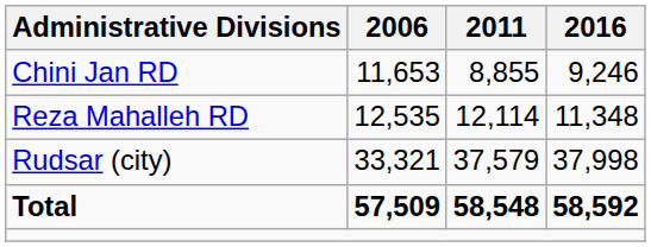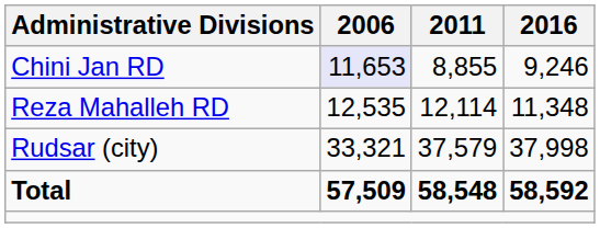 <table class="wikitable">
 <tr>
 <th>Administrative Divisions</th>
 <th>2006</th>
 <th>2011</th>
 <th>2016</th>
 </tr>
 <tr>
 <td><a href='#'>Chini Jan RD</a></td>
-<td style="text-align: right;">11,653</td>
+<td style="background: lavender; text-align: right;">11,653</td>
 <td style="text-align: right;">8,855</td>
 <td style="text-align: right;">9,246</td>
 </tr>
 <tr>
 <td><a href='#'>Reza Mahalleh RD</a></td>
 <td style="text-align: right;">12,535</td>
 <td style="text-align: right;">12,114</td>
 <td style="text-align: right;">11,348</td>
 </tr>
 <tr>
 <td><a href='#'>Rudsar</a> (city)</td>
 <td style="text-align: right;">33,321</td>
 <td style="text-align: right;">37,579</td>
 <td style="text-align: right;">37,998</td>
 </tr>
 <tr>
 <td><strong>Total</strong></td>
 <td style="text-align: right;"><strong>57,509</strong></td>
 <td style="text-align: right;"><strong>58,548</strong></td>
 <td style="text-align: right;"><strong>58,592</strong></td>
 </tr>
 <tr>
 <td colspan=4></td>
 </tr>
 </table>
